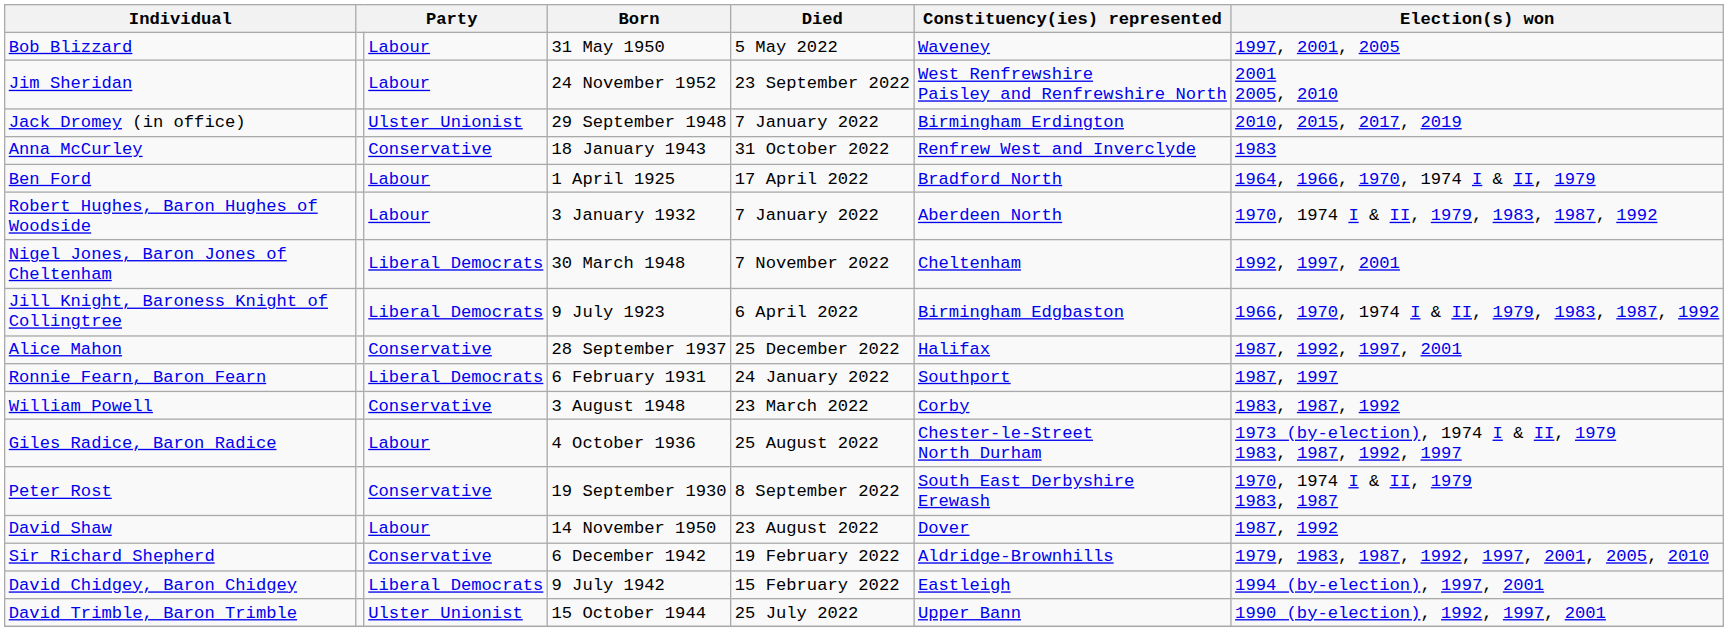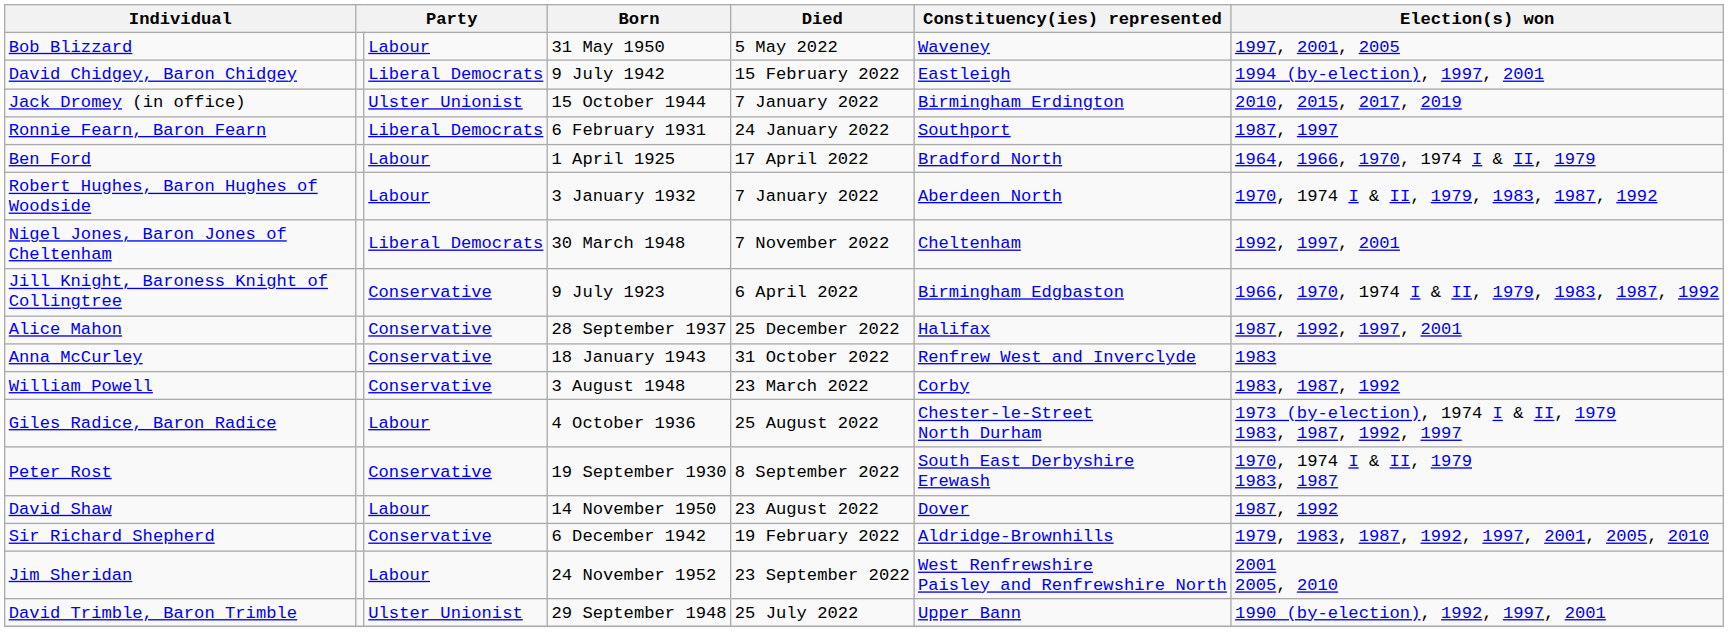 <table class="wikitable sortable">
 <tr>
 <th width="260px">Individual</th>
 <th colspan="2">Party</th>
 <th>Born</th>
 <th>Died</th>
 <th>Constituency(ies) represented</th>
 <th>Election(s) won</th>
 </tr>
 <tr>
 <td><a href='#'>Bob Blizzard</a></td>
 <td style="background-color: "></td>
 <td><a href='#'>Labour</a></td>
 <td>31 May 1950</td>
 <td>5 May 2022</td>
 <td><a href='#'>Waveney</a></td>
 <td><a href='#'>1997</a>, <a href='#'>2001</a>, <a href='#'>2005</a></td>
 </tr>
 <tr>
-<td><a href='#'>Jim Sheridan</a></td>
+<td><a href='#'>David Chidgey, Baron Chidgey</a></td>
 <td style="background-color: "></td>
-<td><a href='#'>Labour</a></td>
-<td>24 November 1952</td>
-<td>23 September 2022</td>
-<td><a href='#'>West Renfrewshire</a><br><a href='#'>Paisley and Renfrewshire North</a></td>
-<td><a href='#'>2001</a><br><a href='#'>2005</a>, <a href='#'>2010</a></td>
+<td><a href='#'>Liberal Democrats</a></td>
+<td>9 July 1942</td>
+<td>15 February 2022</td>
+<td><a href='#'>Eastleigh</a></td>
+<td><a href='#'>1994 (by-election)</a>, <a href='#'>1997</a>, <a href='#'>2001</a></td>
 </tr>
 <tr>
 <td><a href='#'>Jack Dromey</a> (in office)</td>
 <td style="background-color: "></td>
 <td><a href='#'>Ulster Unionist</a></td>
-<td>29 September 1948</td>
+<td>15 October 1944</td>
 <td>7 January 2022</td>
 <td><a href='#'>Birmingham Erdington</a></td>
 <td><a href='#'>2010</a>, <a href='#'>2015</a>, <a href='#'>2017</a>, <a href='#'>2019</a></td>
 </tr>
 <tr>
-<td><a href='#'>Anna McCurley</a></td>
+<td><a href='#'>Ronnie Fearn, Baron Fearn</a></td>
 <td style="background-color: "></td>
-<td><a href='#'>Conservative</a></td>
-<td>18 January 1943</td>
-<td>31 October 2022</td>
-<td><a href='#'>Renfrew West and Inverclyde</a></td>
-<td><a href='#'>1983</a></td>
+<td><a href='#'>Liberal Democrats</a></td>
+<td>6 February 1931</td>
+<td>24 January 2022</td>
+<td><a href='#'>Southport</a></td>
+<td><a href='#'>1987</a>, <a href='#'>1997</a></td>
 </tr>
 <tr>
 <td><a href='#'>Ben Ford</a></td>
 <td style="background-color: "></td>
 <td><a href='#'>Labour</a></td>
 <td>1 April 1925</td>
 <td>17 April 2022</td>
 <td><a href='#'>Bradford North</a></td>
 <td><a href='#'>1964</a>, <a href='#'>1966</a>, <a href='#'>1970</a>, 1974 <a href='#'>I</a> & <a href='#'>II</a>, <a href='#'>1979</a></td>
 </tr>
 <tr>
 <td><a href='#'>Robert Hughes, Baron Hughes of Woodside</a></td>
 <td style="background-color: "></td>
 <td><a href='#'>Labour</a></td>
 <td>3 January 1932</td>
 <td>7 January 2022</td>
 <td><a href='#'>Aberdeen North</a></td>
 <td><a href='#'>1970</a>, 1974 <a href='#'>I</a> & <a href='#'>II</a>, <a href='#'>1979</a>, <a href='#'>1983</a>, <a href='#'>1987</a>, <a href='#'>1992</a></td>
 </tr>
 <tr>
 <td><a href='#'>Nigel Jones, Baron Jones of Cheltenham</a></td>
 <td style="background-color: "></td>
 <td><a href='#'>Liberal Democrats</a></td>
 <td>30 March 1948</td>
 <td>7 November 2022</td>
 <td><a href='#'>Cheltenham</a></td>
 <td><a href='#'>1992</a>, <a href='#'>1997</a>, <a href='#'>2001</a></td>
 </tr>
 <tr>
 <td><a href='#'>Jill Knight, Baroness Knight of Collingtree</a></td>
 <td style="background-color: "></td>
-<td><a href='#'>Liberal Democrats</a></td>
+<td><a href='#'>Conservative</a></td>
 <td>9 July 1923</td>
 <td>6 April 2022</td>
 <td><a href='#'>Birmingham Edgbaston</a></td>
 <td><a href='#'>1966</a>, <a href='#'>1970</a>, 1974 <a href='#'>I</a> & <a href='#'>II</a>, <a href='#'>1979</a>, <a href='#'>1983</a>, <a href='#'>1987</a>, <a href='#'>1992</a></td>
 </tr>
 <tr>
 <td><a href='#'>Alice Mahon</a></td>
 <td style="background-color: "></td>
 <td><a href='#'>Conservative</a></td>
 <td>28 September 1937</td>
 <td>25 December 2022</td>
 <td><a href='#'>Halifax</a></td>
 <td><a href='#'>1987</a>, <a href='#'>1992</a>, <a href='#'>1997</a>, <a href='#'>2001</a></td>
 </tr>
 <tr>
-<td><a href='#'>Ronnie Fearn, Baron Fearn</a></td>
+<td><a href='#'>Anna McCurley</a></td>
 <td style="background-color: "></td>
-<td><a href='#'>Liberal Democrats</a></td>
-<td>6 February 1931</td>
-<td>24 January 2022</td>
-<td><a href='#'>Southport</a></td>
-<td><a href='#'>1987</a>, <a href='#'>1997</a></td>
+<td><a href='#'>Conservative</a></td>
+<td>18 January 1943</td>
+<td>31 October 2022</td>
+<td><a href='#'>Renfrew West and Inverclyde</a></td>
+<td><a href='#'>1983</a></td>
 </tr>
 <tr>
 <td><a href='#'>William Powell</a></td>
 <td style="background-color: "></td>
 <td><a href='#'>Conservative</a></td>
 <td>3 August 1948</td>
 <td>23 March 2022</td>
 <td><a href='#'>Corby</a></td>
 <td><a href='#'>1983</a>, <a href='#'>1987</a>, <a href='#'>1992</a></td>
 </tr>
 <tr>
 <td><a href='#'>Giles Radice, Baron Radice</a></td>
 <td style="background-color: "></td>
 <td><a href='#'>Labour</a></td>
 <td>4 October 1936</td>
 <td>25 August 2022</td>
 <td><a href='#'>Chester-le-Street</a><br><a href='#'>North Durham</a></td>
 <td><a href='#'>1973 (by-election)</a>, 1974 <a href='#'>I</a> & <a href='#'>II</a>, <a href='#'>1979</a><br><a href='#'>1983</a>, <a href='#'>1987</a>, <a href='#'>1992</a>, <a href='#'>1997</a></td>
 </tr>
 <tr>
 <td><a href='#'>Peter Rost</a></td>
 <td style="background-color: "></td>
 <td><a href='#'>Conservative</a></td>
 <td>19 September 1930</td>
 <td>8 September 2022</td>
 <td><a href='#'>South East Derbyshire</a><br><a href='#'>Erewash</a></td>
 <td><a href='#'>1970</a>, 1974 <a href='#'>I</a> & <a href='#'>II</a>, <a href='#'>1979</a><br><a href='#'>1983</a>, <a href='#'>1987</a></td>
 </tr>
 <tr>
 <td><a href='#'>David Shaw</a></td>
 <td style="background-color: "></td>
 <td><a href='#'>Labour</a></td>
 <td>14 November 1950</td>
 <td>23 August 2022</td>
 <td><a href='#'>Dover</a></td>
 <td><a href='#'>1987</a>, <a href='#'>1992</a></td>
 </tr>
 <tr>
 <td><a href='#'>Sir Richard Shepherd</a></td>
 <td style="background-color: "></td>
 <td><a href='#'>Conservative</a></td>
 <td>6 December 1942</td>
 <td>19 February 2022</td>
 <td><a href='#'>Aldridge-Brownhills</a></td>
 <td><a href='#'>1979</a>, <a href='#'>1983</a>, <a href='#'>1987</a>, <a href='#'>1992</a>, <a href='#'>1997</a>, <a href='#'>2001</a>, <a href='#'>2005</a>, <a href='#'>2010</a></td>
 </tr>
 <tr>
-<td><a href='#'>David Chidgey, Baron Chidgey</a></td>
+<td><a href='#'>Jim Sheridan</a></td>
 <td style="background-color: "></td>
-<td><a href='#'>Liberal Democrats</a></td>
-<td>9 July 1942</td>
-<td>15 February 2022</td>
-<td><a href='#'>Eastleigh</a></td>
-<td><a href='#'>1994 (by-election)</a>, <a href='#'>1997</a>, <a href='#'>2001</a></td>
+<td><a href='#'>Labour</a></td>
+<td>24 November 1952</td>
+<td>23 September 2022</td>
+<td><a href='#'>West Renfrewshire</a><br><a href='#'>Paisley and Renfrewshire North</a></td>
+<td><a href='#'>2001</a><br><a href='#'>2005</a>, <a href='#'>2010</a></td>
 </tr>
 <tr>
 <td><a href='#'>David Trimble, Baron Trimble</a></td>
 <td style="background-color: "></td>
 <td><a href='#'>Ulster Unionist</a></td>
-<td>15 October 1944</td>
+<td>29 September 1948</td>
 <td>25 July 2022</td>
 <td><a href='#'>Upper Bann</a></td>
 <td><a href='#'>1990 (by-election)</a>, <a href='#'>1992</a>, <a href='#'>1997</a>, <a href='#'>2001</a></td>
 </tr>
 <tr>
 </tr>
 </table>
